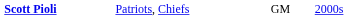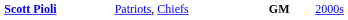 <table style="border:'1' 'solid' 'gray' " width="500">
 <tr>
 </tr>
 <tr>
 <td><strong><a href='#'>Scott Pioli</a></strong></td>
 <td><a href='#'>Patriots</a>, <a href='#'>Chiefs</a></td>
-<td>GM</td>
+<td><strong>GM</strong></td>
 <td><a href='#'>2000s</a></td>
 </tr>
 </table>
